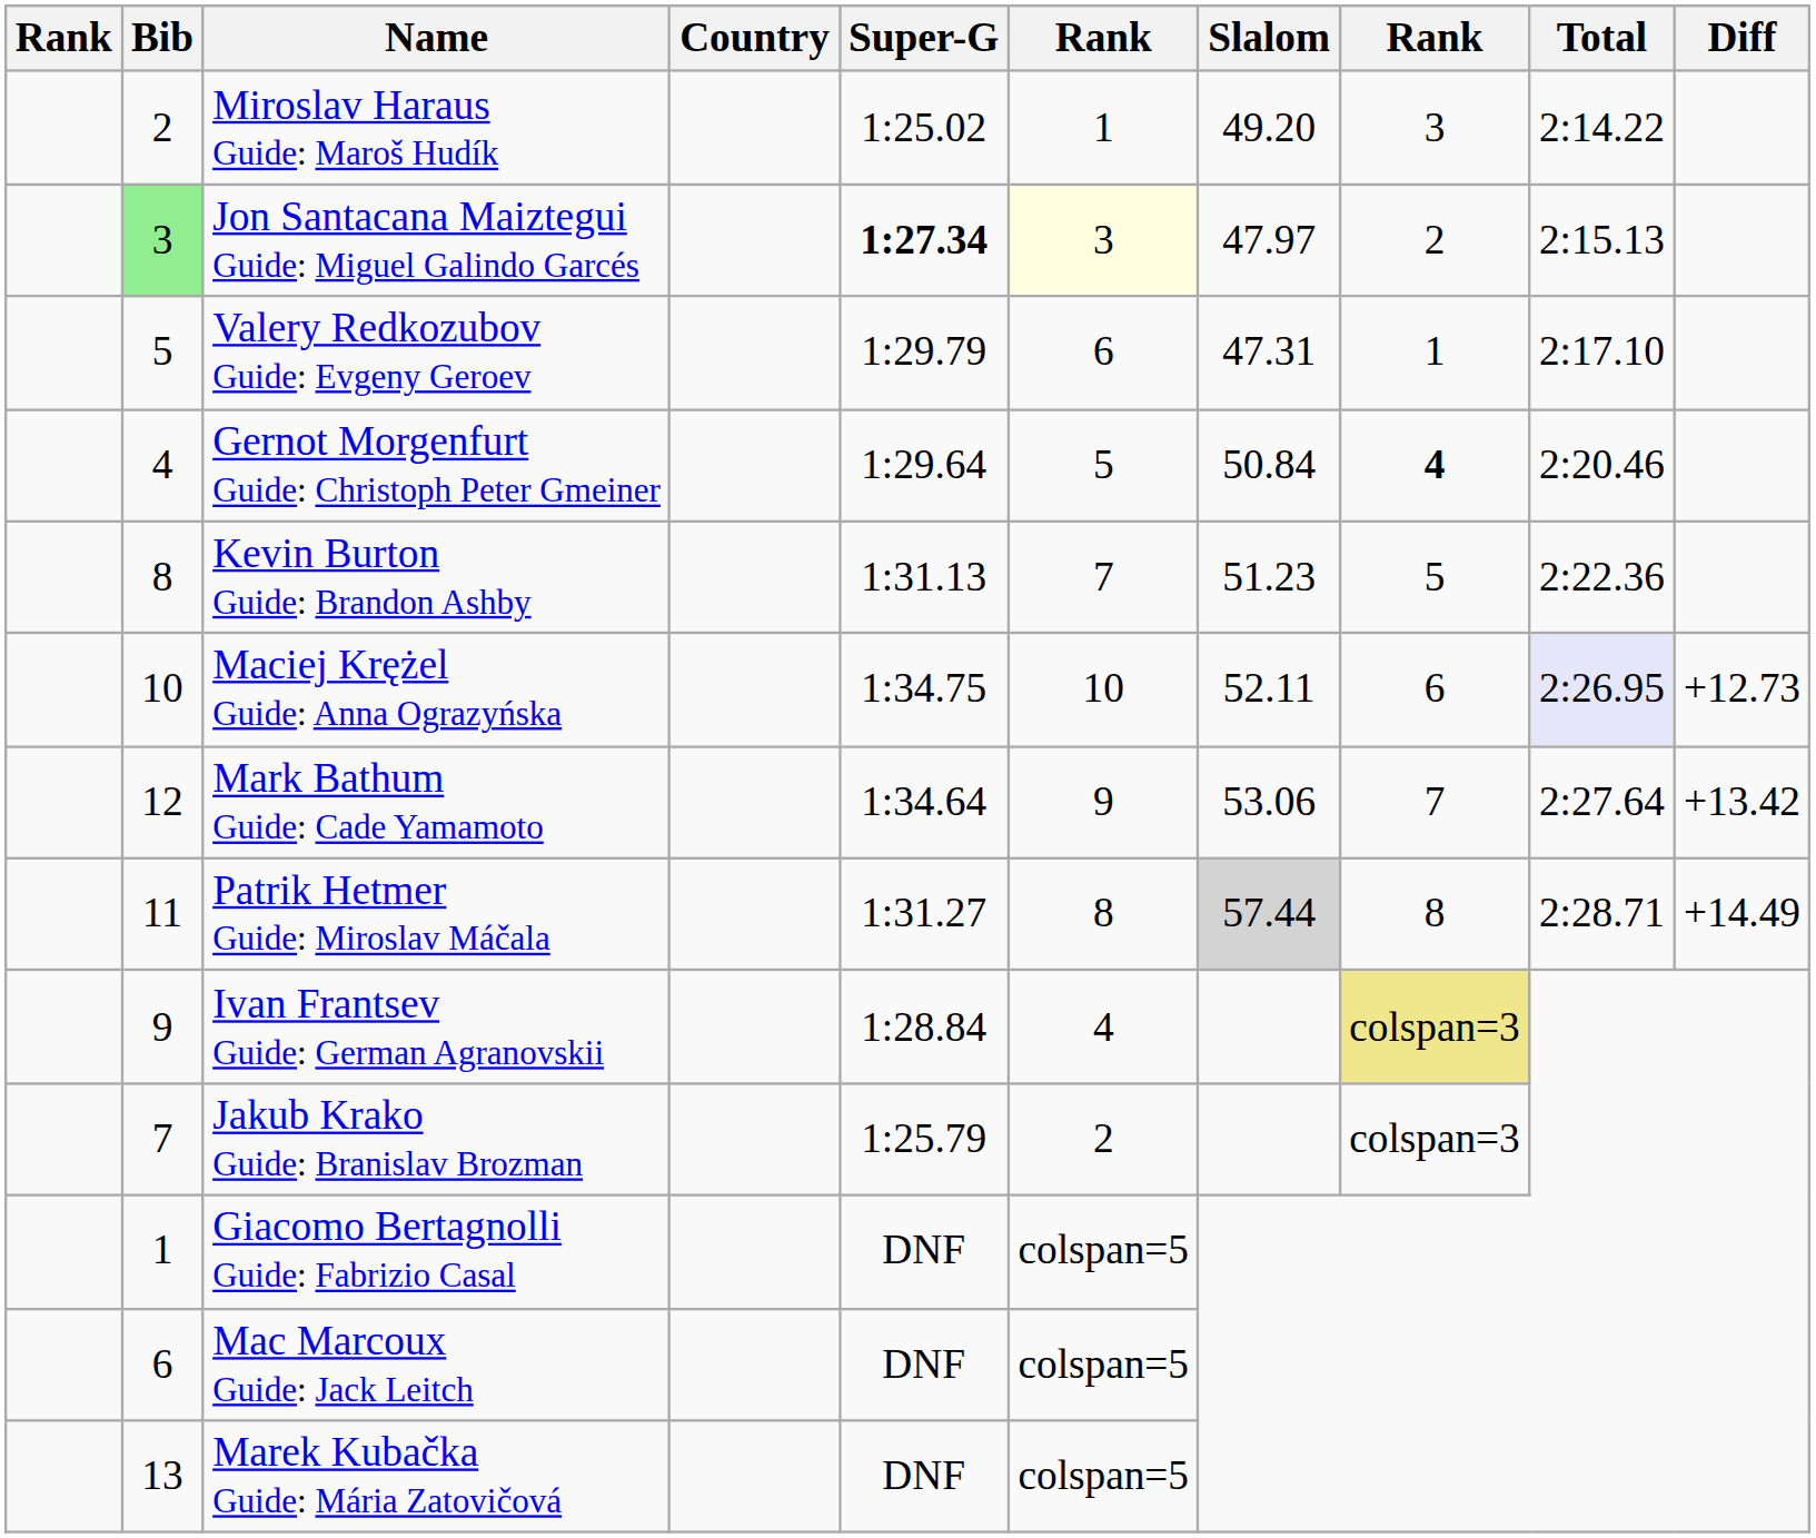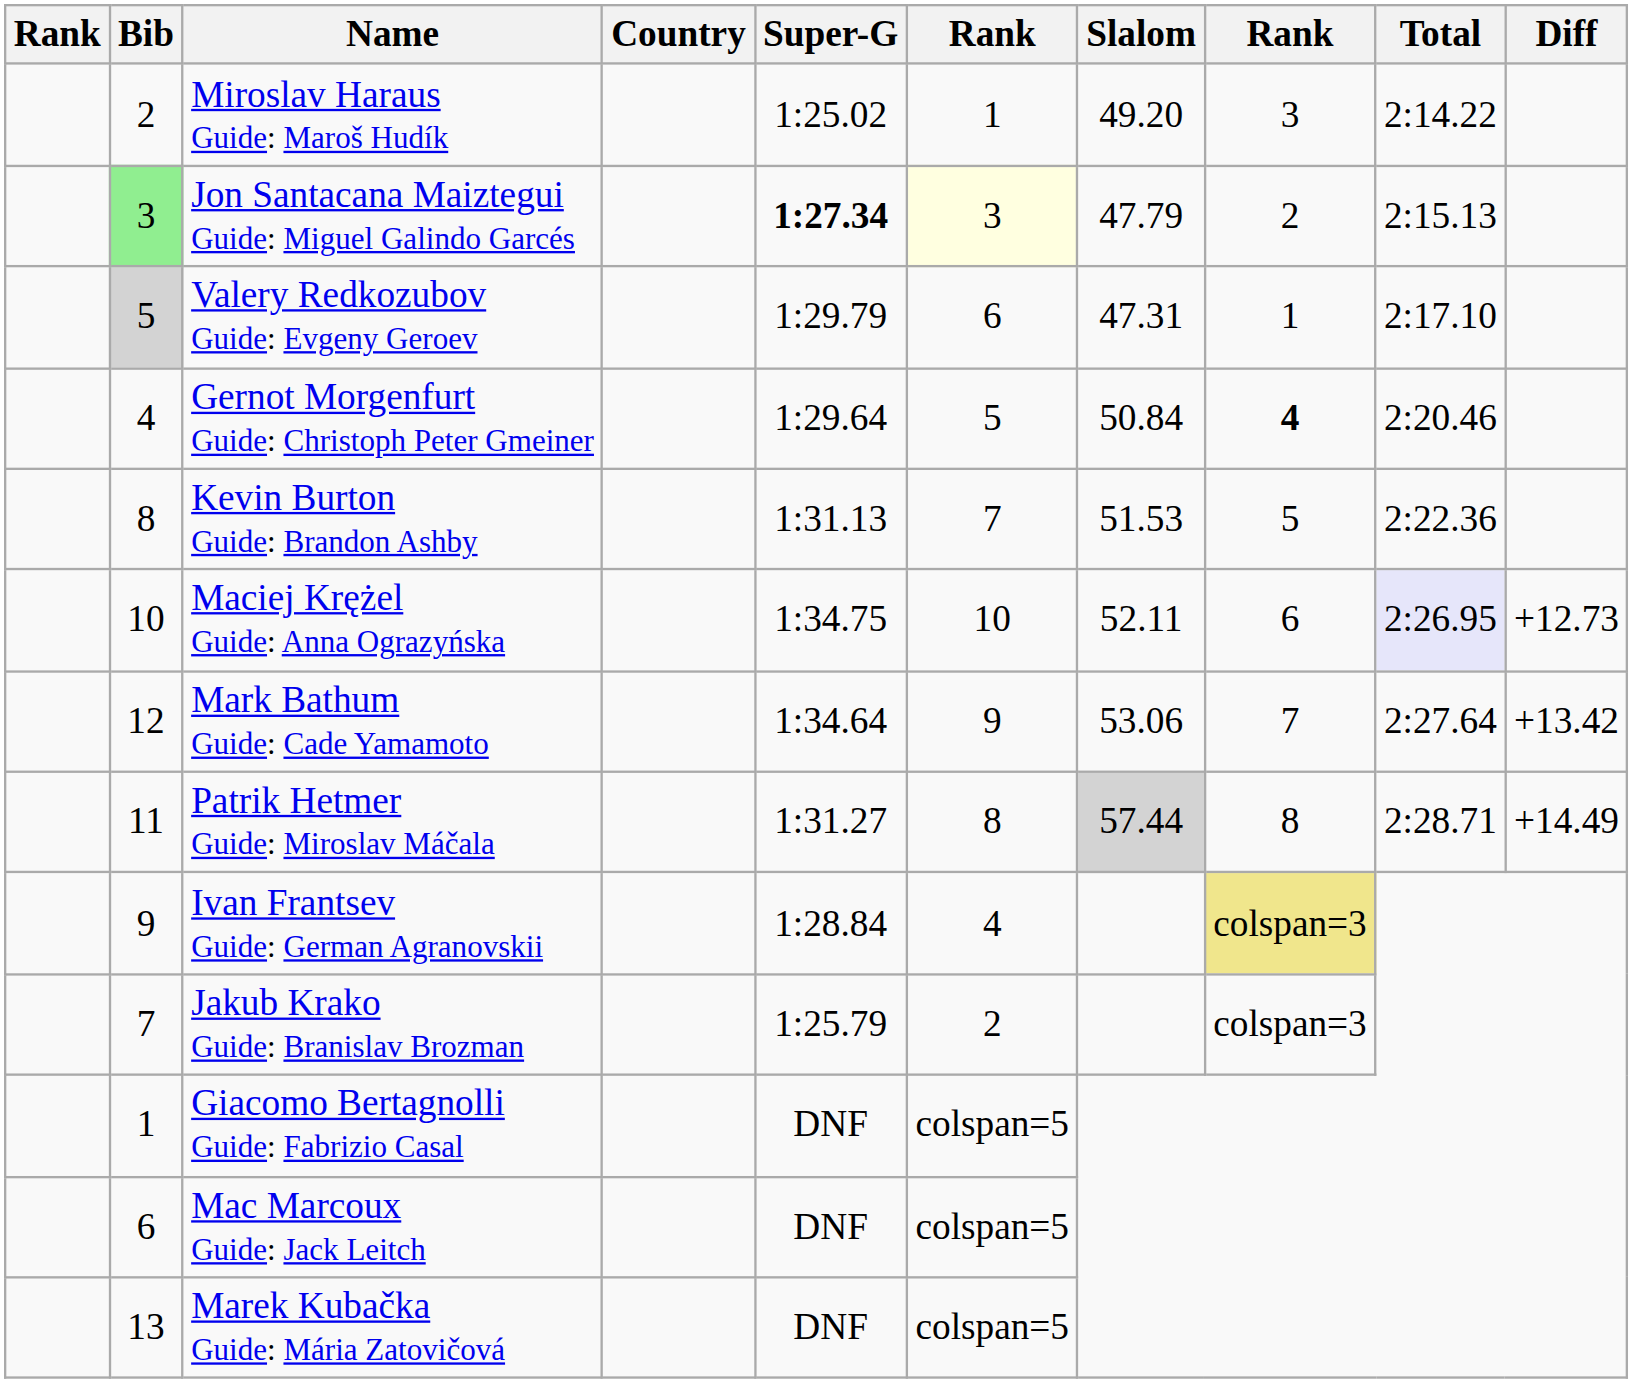 <table class="wikitable sortable" style="text-align:center">
 <tr>
 <th>Rank</th>
 <th>Bib</th>
 <th>Name</th>
 <th>Country</th>
 <th>Super-G</th>
 <th>Rank</th>
 <th>Slalom</th>
 <th>Rank</th>
 <th>Total</th>
 <th>Diff</th>
 </tr>
 <tr>
 <td></td>
 <td>2</td>
 <td align="left"><a href='#'>Miroslav Haraus</a><br><small><a href='#'>Guide</a>: <a href='#'>Maroš Hudík</a></small></td>
 <td align="left"></td>
 <td>1:25.02</td>
 <td>1</td>
 <td>49.20</td>
 <td>3</td>
 <td>2:14.22</td>
 <td></td>
 </tr>
 <tr>
 <td></td>
 <td style="background: lightgreen;">3</td>
 <td align="left"><a href='#'>Jon Santacana Maiztegui</a><br><small><a href='#'>Guide</a>: <a href='#'>Miguel Galindo Garcés</a></small></td>
 <td align="left"></td>
 <td><strong>1:27.34</strong></td>
 <td style="background: lightyellow;">3</td>
-<td>47.97</td>
+<td>47.79</td>
 <td>2</td>
 <td>2:15.13</td>
 <td></td>
 </tr>
 <tr>
 <td></td>
-<td>5</td>
+<td style="background: lightgrey;">5</td>
 <td align="left"><a href='#'>Valery Redkozubov</a><br><small><a href='#'>Guide</a>: <a href='#'>Evgeny Geroev</a></small></td>
 <td align="left"></td>
 <td>1:29.79</td>
 <td>6</td>
 <td>47.31</td>
 <td>1</td>
 <td>2:17.10</td>
 <td></td>
 </tr>
 <tr>
 <td></td>
 <td>4</td>
 <td align="left"><a href='#'>Gernot Morgenfurt</a><br><small><a href='#'>Guide</a>: <a href='#'>Christoph Peter Gmeiner</a></small></td>
 <td align="left"></td>
 <td>1:29.64</td>
 <td>5</td>
 <td>50.84</td>
 <td><strong>4</strong></td>
 <td>2:20.46</td>
 <td></td>
 </tr>
 <tr>
 <td></td>
 <td>8</td>
 <td align="left"><a href='#'>Kevin Burton</a><br><small><a href='#'>Guide</a>: <a href='#'>Brandon Ashby</a></small></td>
 <td align="left"></td>
 <td>1:31.13</td>
 <td>7</td>
-<td>51.23</td>
+<td>51.53</td>
 <td>5</td>
 <td>2:22.36</td>
 <td></td>
 </tr>
 <tr>
 <td></td>
 <td>10</td>
 <td align="left"><a href='#'>Maciej Krężel</a><br><small><a href='#'>Guide</a>: <a href='#'>Anna Ograzyńska</a></small></td>
 <td align="left"></td>
 <td>1:34.75</td>
 <td>10</td>
 <td>52.11</td>
 <td>6</td>
 <td style="background: lavender;">2:26.95</td>
 <td>+12.73</td>
 </tr>
 <tr>
 <td></td>
 <td>12</td>
 <td align="left"><a href='#'>Mark Bathum</a><br><small><a href='#'>Guide</a>: <a href='#'>Cade Yamamoto</a></small></td>
 <td align="left"></td>
 <td>1:34.64</td>
 <td>9</td>
 <td>53.06</td>
 <td>7</td>
 <td>2:27.64</td>
 <td>+13.42</td>
 </tr>
 <tr>
 <td></td>
 <td>11</td>
 <td align="left"><a href='#'>Patrik Hetmer</a><br><small><a href='#'>Guide</a>: <a href='#'>Miroslav Máčala</a></small></td>
 <td align="left"></td>
 <td>1:31.27</td>
 <td>8</td>
 <td style="background: lightgrey;">57.44</td>
 <td>8</td>
 <td>2:28.71</td>
 <td>+14.49</td>
 </tr>
 <tr>
 <td></td>
 <td>9</td>
 <td align="left"><a href='#'>Ivan Frantsev</a><br><small><a href='#'>Guide</a>: <a href='#'>German Agranovskii</a></small></td>
 <td align="left"></td>
 <td>1:28.84</td>
 <td>4</td>
 <td></td>
 <td style="background: khaki;">colspan=3 </td>
 </tr>
 <tr>
 <td></td>
 <td>7</td>
 <td align="left"><a href='#'>Jakub Krako</a><br><small><a href='#'>Guide</a>: <a href='#'>Branislav Brozman</a></small></td>
 <td align="left"></td>
 <td>1:25.79</td>
 <td>2</td>
 <td></td>
 <td>colspan=3 </td>
 </tr>
 <tr>
 <td></td>
 <td>1</td>
 <td align="left"><a href='#'>Giacomo Bertagnolli</a><br><small><a href='#'>Guide</a>: <a href='#'>Fabrizio Casal</a></small></td>
 <td align="left"></td>
 <td>DNF</td>
 <td>colspan=5 </td>
 </tr>
 <tr>
 <td></td>
 <td>6</td>
 <td align="left"><a href='#'>Mac Marcoux</a><br><small><a href='#'>Guide</a>: <a href='#'>Jack Leitch</a></small></td>
 <td align="left"></td>
 <td>DNF</td>
 <td>colspan=5 </td>
 </tr>
 <tr>
 <td></td>
 <td>13</td>
 <td align="left"><a href='#'>Marek Kubačka</a><br><small><a href='#'>Guide</a>: <a href='#'>Mária Zatovičová</a></small></td>
 <td align="left"></td>
 <td>DNF</td>
 <td>colspan=5 </td>
 </tr>
 </table>
